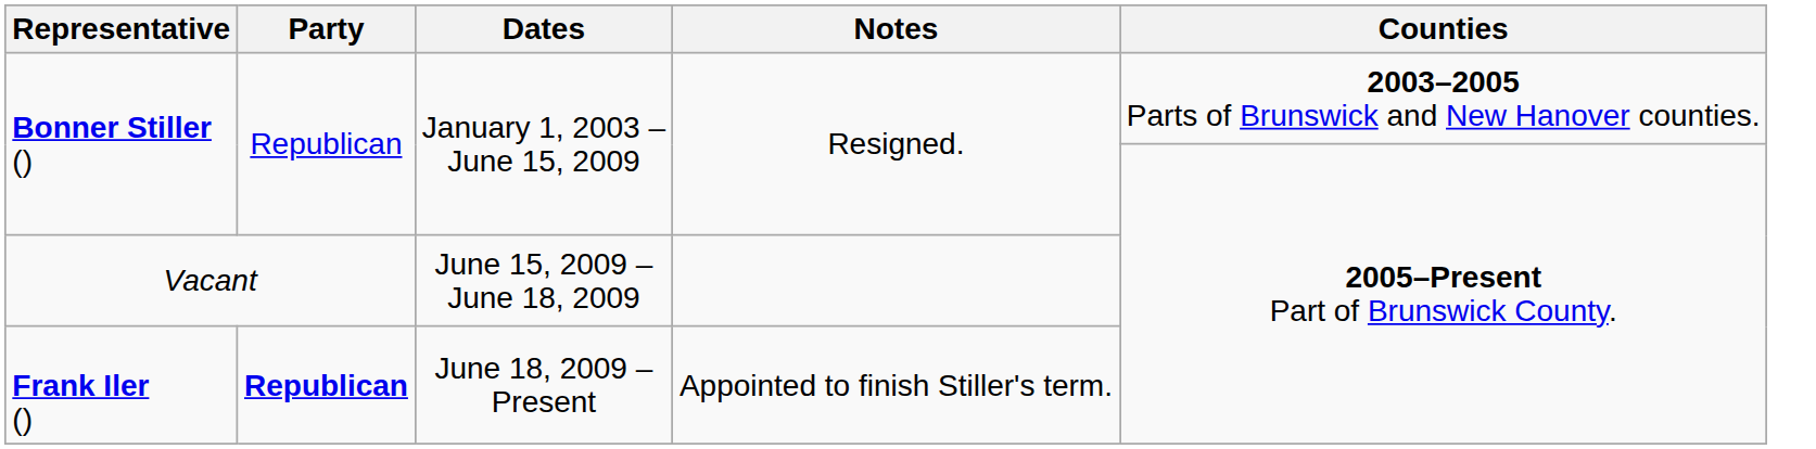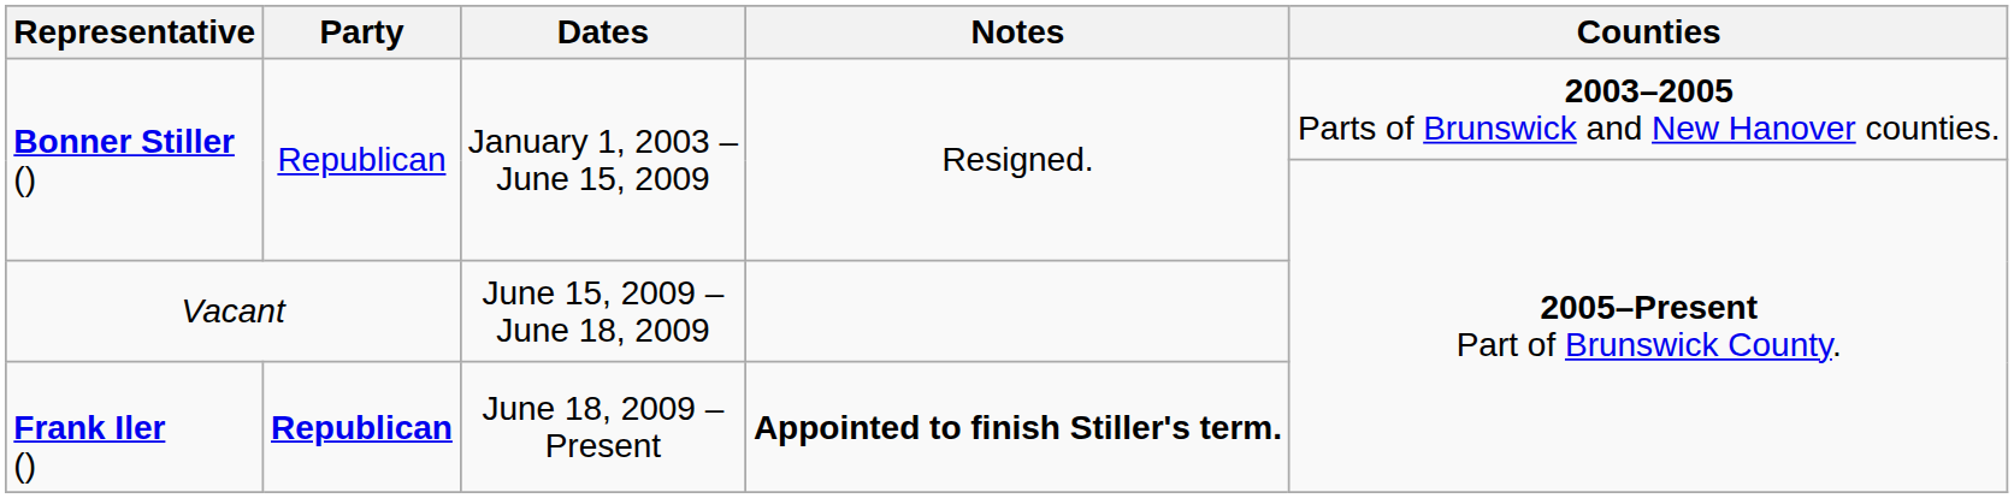 <table class=wikitable style="text-align:center">
 <tr>
 <th>Representative</th>
 <th>Party</th>
 <th>Dates</th>
 <th>Notes</th>
 <th>Counties</th>
 </tr>
 <tr style="height:3em">
 <td rowspan=2 align=left><strong><a href='#'>Bonner Stiller</a></strong><br>()</td>
 <td rowspan=2 ><a href='#'>Republican</a></td>
 <td rowspan=2 nowrap>January 1, 2003 – <br> June 15, 2009</td>
 <td rowspan=2>Resigned.</td>
 <td><strong>2003–2005</strong> <br> Parts of <a href='#'>Brunswick</a> and <a href='#'>New Hanover</a> counties.</td>
 </tr>
 <tr style="height:3em">
 <td rowspan=3><strong>2005–Present</strong> <br> Part of <a href='#'>Brunswick County</a>.</td>
 </tr>
 <tr style="height:3em">
 <td colspan=2><em>Vacant</em></td>
 <td nowrap>June 15, 2009 – <br> June 18, 2009</td>
 <td></td>
 </tr>
 <tr style="height:3em">
 <td align=left><br><strong><a href='#'>Frank Iler</a></strong><br>()</td>
 <td><strong><a href='#'>Republican</a></strong></td>
 <td nowrap>June 18, 2009 – <br> Present</td>
-<td>Appointed to finish Stiller's term.</td>
+<td><strong>Appointed to finish Stiller's term.</strong></td>
 </tr>
 </table>
